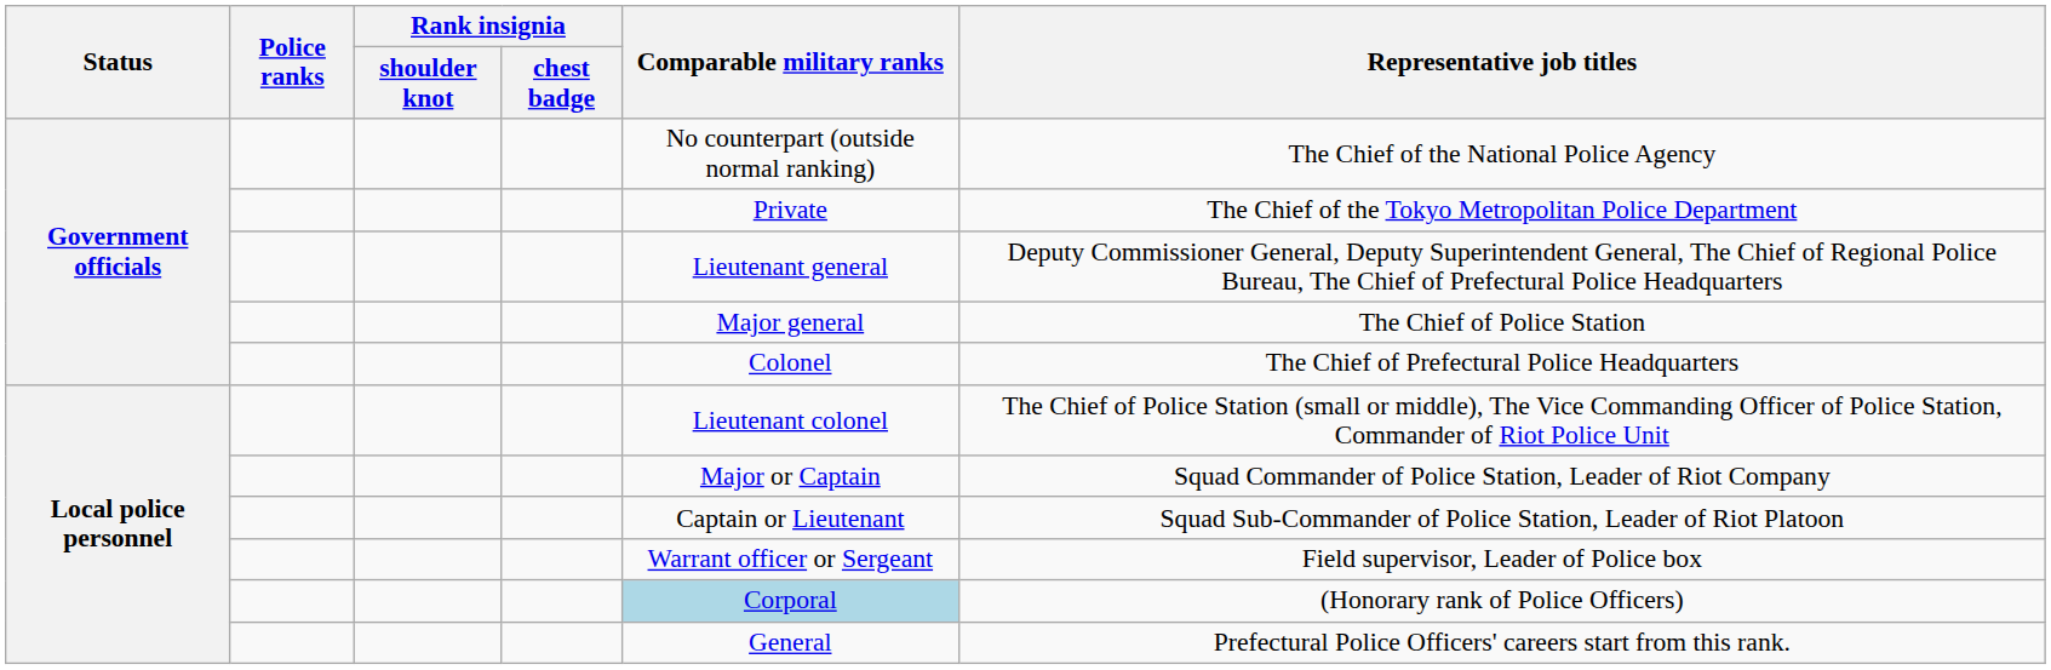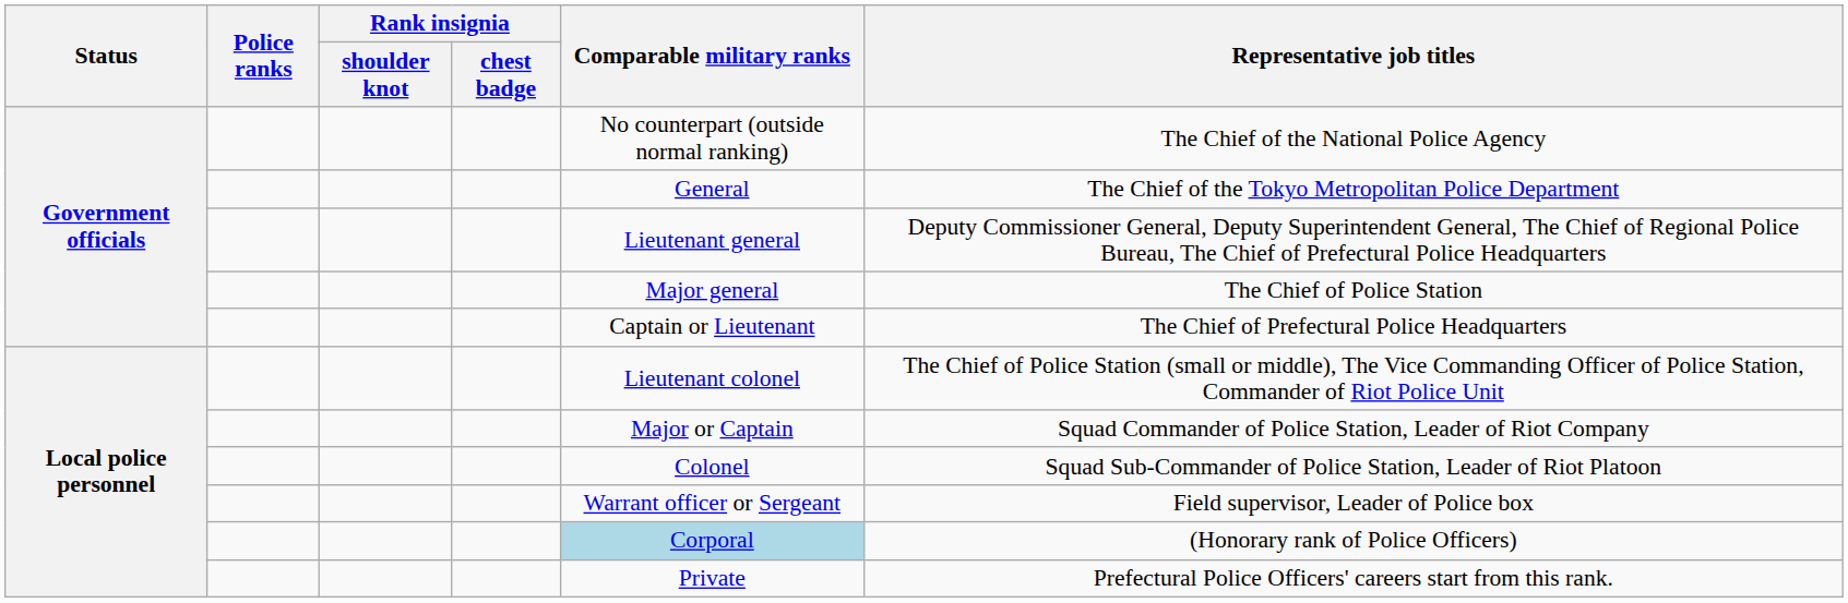 <table class=wikitable>
 <tr>
 <th rowspan=2>Status</th>
 <th ! rowspan=2><a href='#'>Police ranks</a></th>
 <th ! colspan=2><a href='#'>Rank insignia</a></th>
 <th ! rowspan=2>Comparable <a href='#'>military ranks</a></th>
 <th ! rowspan=2>Representative job titles</th>
 </tr>
 <tr>
 <th><a href='#'>shoulder knot</a></th>
 <th><a href='#'>chest badge</a></th>
 </tr>
 <tr style="text-align:center;">
 <th rowspan="5"><a href='#'>Government<br>officials</a></th>
 <td></td>
 <td></td>
 <td></td>
 <td>No counterpart (outside normal ranking)</td>
 <td>The Chief of the National Police Agency</td>
 </tr>
 <tr style="text-align:center;">
 <td></td>
 <td></td>
 <td></td>
-<td><a href='#'>Private</a></td>
+<td><a href='#'>General</a></td>
 <td>The Chief of the <a href='#'>Tokyo Metropolitan Police Department</a></td>
 </tr>
 <tr style="text-align:center;">
 <td></td>
 <td></td>
 <td></td>
 <td><a href='#'>Lieutenant general</a></td>
 <td>Deputy Commissioner General, Deputy Superintendent General, The Chief of Regional Police Bureau, The Chief of Prefectural Police Headquarters</td>
 </tr>
 <tr style="text-align:center;">
 <td></td>
 <td></td>
 <td></td>
 <td><a href='#'>Major general</a></td>
 <td>The Chief of Police Station</td>
 </tr>
 <tr style="text-align:center;">
 <td></td>
 <td></td>
 <td></td>
-<td><a href='#'>Colonel</a></td>
+<td>Captain or <a href='#'>Lieutenant</a></td>
 <td>The Chief of Prefectural Police Headquarters</td>
 </tr>
 <tr style="text-align:center;">
 <th rowspan="6">Local police personnel</th>
 <td></td>
 <td></td>
 <td></td>
 <td><a href='#'>Lieutenant colonel</a></td>
 <td>The Chief of Police Station (small or middle), The Vice Commanding Officer of Police Station, Commander of <a href='#'>Riot Police Unit</a></td>
 </tr>
 <tr style="text-align:center;">
 <td></td>
 <td></td>
 <td></td>
 <td><a href='#'>Major</a> or <a href='#'>Captain</a></td>
 <td>Squad Commander of Police Station, Leader of Riot Company</td>
 </tr>
 <tr style="text-align:center;">
 <td></td>
 <td></td>
 <td></td>
-<td>Captain or <a href='#'>Lieutenant</a></td>
+<td><a href='#'>Colonel</a></td>
 <td>Squad Sub-Commander of Police Station, Leader of Riot Platoon</td>
 </tr>
 <tr style="text-align:center;">
 <td></td>
 <td></td>
 <td></td>
 <td><a href='#'>Warrant officer</a> or <a href='#'>Sergeant</a></td>
 <td>Field supervisor, Leader of Police box</td>
 </tr>
 <tr style="text-align:center;">
 <td></td>
 <td></td>
 <td></td>
 <td style="background: lightblue;"><a href='#'>Corporal</a></td>
 <td>(Honorary rank of Police Officers)</td>
 </tr>
 <tr style="text-align:center;">
 <td></td>
 <td></td>
 <td></td>
-<td><a href='#'>General</a></td>
+<td><a href='#'>Private</a></td>
 <td>Prefectural Police Officers' careers start from this rank.</td>
 </tr>
 </table>
